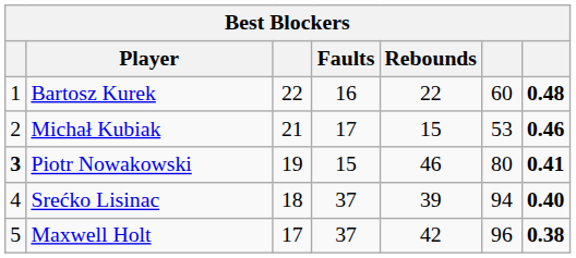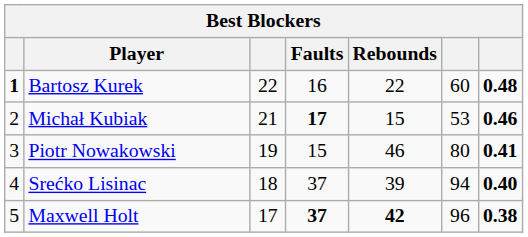 <table class="wikitable sortable" style=font-size:90%>
 <tr>
 <th colspan=7>Best Blockers</th>
 </tr>
 <tr>
 <th></th>
 <th width=158>Player</th>
 <th width=20></th>
 <th width=20>Faults</th>
 <th width=20>Rebounds</th>
 <th width=20></th>
 <th width=20></th>
 </tr>
 <tr>
-<td align=center>1</td>
+<td align=center><strong>1</strong></td>
 <td> <a href='#'>Bartosz Kurek</a></td>
 <td align=center>22</td>
 <td align=center>16</td>
 <td align=center>22</td>
 <td align=center>60</td>
 <td align=center><strong>0.48</strong></td>
 </tr>
 <tr>
 <td align=center>2</td>
 <td> <a href='#'>Michał Kubiak</a></td>
 <td align=center>21</td>
-<td align=center>17</td>
+<td align=center><strong>17</strong></td>
 <td align=center>15</td>
 <td align=center>53</td>
 <td align=center><strong>0.46</strong></td>
 </tr>
 <tr>
-<td align=center><strong>3</strong></td>
+<td align=center>3</td>
 <td> <a href='#'>Piotr Nowakowski</a></td>
 <td align=center>19</td>
 <td align=center>15</td>
 <td align=center>46</td>
 <td align=center>80</td>
 <td align=center><strong>0.41</strong></td>
 </tr>
 <tr>
 <td align=center>4</td>
 <td> <a href='#'>Srećko Lisinac</a></td>
 <td align=center>18</td>
 <td align=center>37</td>
 <td align=center>39</td>
 <td align=center>94</td>
 <td align=center><strong>0.40</strong></td>
 </tr>
 <tr>
 <td align=center>5</td>
 <td> <a href='#'>Maxwell Holt</a></td>
 <td align=center>17</td>
-<td align=center>37</td>
-<td align=center>42</td>
+<td align=center><strong>37</strong></td>
+<td align=center><strong>42</strong></td>
 <td align=center>96</td>
 <td align=center><strong>0.38</strong></td>
 </tr>
 </table>
